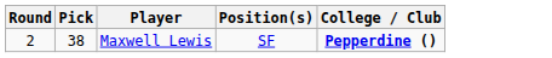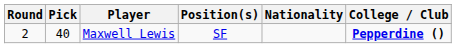 <table class="wikitable sortable sortable">
 <tr>
 <th>Round</th>
 <th>Pick</th>
 <th>Player</th>
 <th>Position(s)</th>
+<th>Nationality</th>
 <th>College / Club</th>
 </tr>
 <tr style="text-align: center">
 <td>2</td>
-<td>38</td>
+<td>40</td>
 <td><a href='#'>Maxwell Lewis</a></td>
 <td><a href='#'>SF</a></td>
+<td></td>
 <td><strong><a href='#'>Pepperdine</a> ()</strong></td>
 </tr>
 </table>
